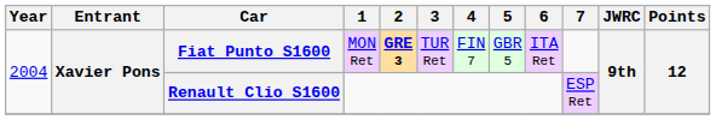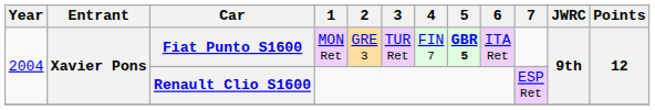 <table class="wikitable" border="1" style="text-align:center; font-size:85%;">
 <tr>
 <th>Year</th>
 <th>Entrant</th>
 <th>Car</th>
 <th>1</th>
 <th>2</th>
 <th>3</th>
 <th>4</th>
 <th>5</th>
 <th>6</th>
 <th>7</th>
 <th>JWRC</th>
 <th>Points</th>
 </tr>
 <tr>
 <td rowspan=2><a href='#'>2004</a></td>
 <th rowspan=2 nowrap>Xavier Pons</th>
 <th nowrap><a href='#'>Fiat Punto S1600</a></th>
 <td style="background:#EFCFFF;"><a href='#'>MON</a><br><small>Ret</small></td>
-<td style="background:#FFDF9F;"><strong><a href='#'>GRE</a><br><small>3</small></strong></td>
+<td style="background:#FFDF9F;"><a href='#'>GRE</a><br><small>3</small></td>
 <td style="background:#EFCFFF;"><a href='#'>TUR</a><br><small>Ret</small></td>
 <td style="background:#DFFFDF;"><a href='#'>FIN</a><br><small>7</small></td>
-<td style="background:#DFFFDF;"><a href='#'>GBR</a><br><small>5</small></td>
+<td style="background:#DFFFDF;"><strong><a href='#'>GBR</a><br><small>5</small></strong></td>
 <td style="background:#EFCFFF;"><a href='#'>ITA</a><br><small>Ret</small></td>
 <td></td>
 <th rowspan=2>9th</th>
 <th rowspan=2>12</th>
 </tr>
 <tr>
 <th nowrap><a href='#'>Renault Clio S1600</a></th>
 <td colspan=6></td>
 <td style="background:#EFCFFF;"><a href='#'>ESP</a><br><small>Ret</small></td>
 </tr>
 <tr>
 </tr>
 </table>
